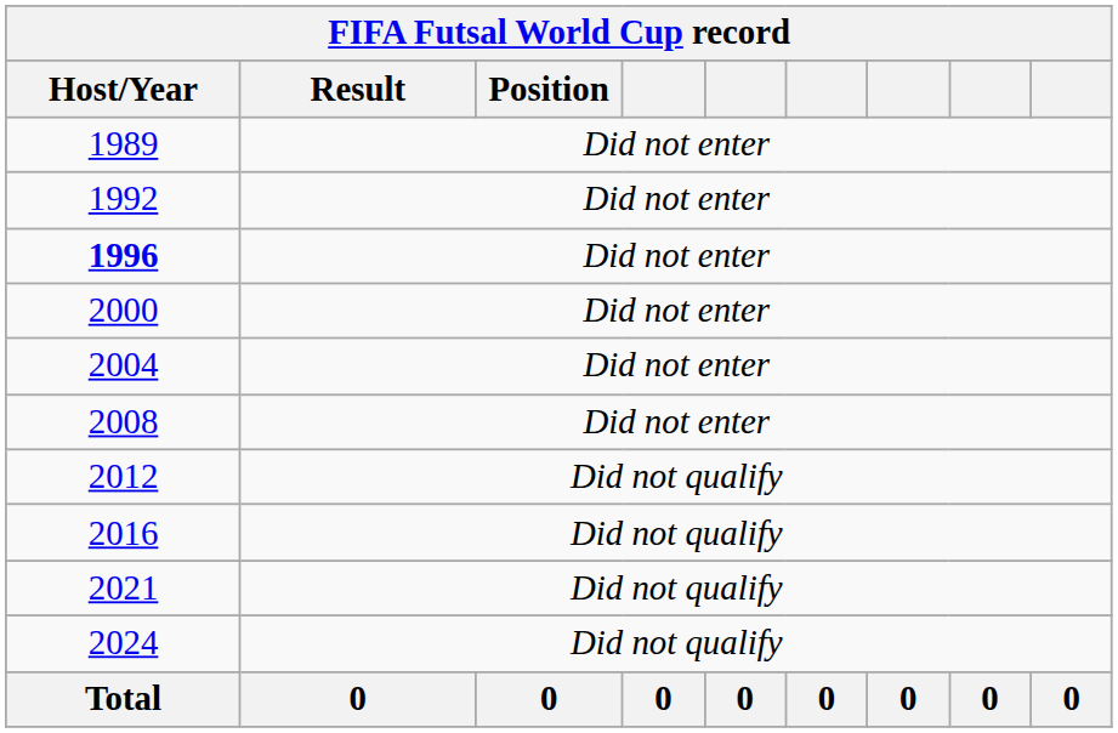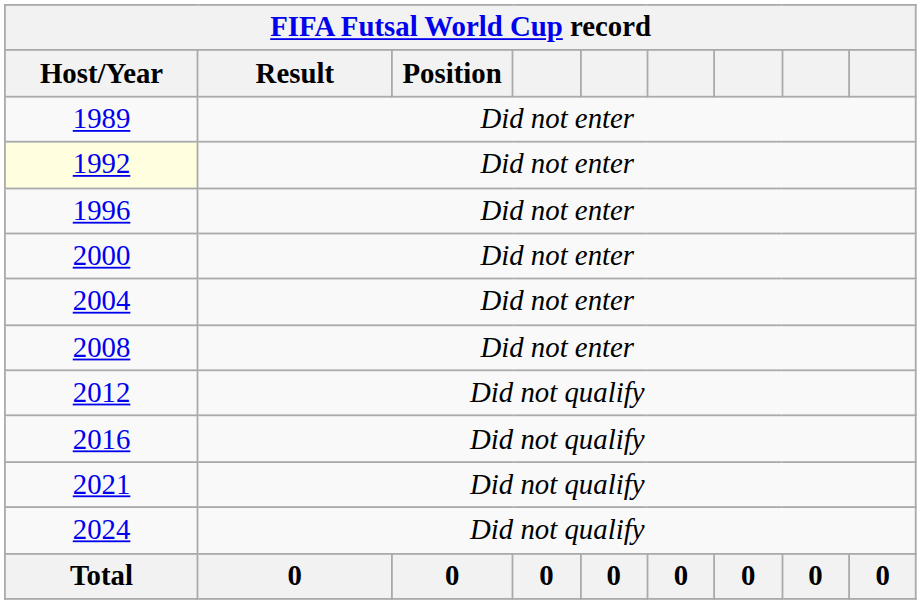 <table class="wikitable" style="text-align: center;">
 <tr>
 <th colspan=9 style="background:color: #0000FF;"><a href='#'>FIFA Futsal World Cup</a> record</th>
 </tr>
 <tr>
 <th style="width:100px;">Host/Year</th>
 <th style="width:100px;">Result</th>
 <th style="width:60px;">Position</th>
 <th style="width:30px;"></th>
 <th style="width:30px;"></th>
 <th style="width:30px;"></th>
 <th style="width:30px;"></th>
 <th style="width:30px;"></th>
 <th style="width:30px;"></th>
 </tr>
 <tr>
 <td> <a href='#'>1989</a></td>
 <td colspan=8><em>Did not enter</em></td>
 </tr>
 <tr>
-<td> <a href='#'>1992</a></td>
+<td style="background: lightyellow;"> <a href='#'>1992</a></td>
 <td colspan=8><em>Did not enter</em></td>
 </tr>
 <tr>
-<td><strong> <a href='#'>1996</a></strong></td>
+<td> <a href='#'>1996</a></td>
 <td colspan=8><em>Did not enter</em></td>
 </tr>
 <tr>
 <td> <a href='#'>2000</a></td>
 <td colspan=8><em>Did not enter</em></td>
 </tr>
 <tr>
 <td>  <a href='#'>2004</a></td>
 <td colspan=8><em>Did not enter</em></td>
 </tr>
 <tr>
 <td> <a href='#'>2008</a></td>
 <td colspan=8><em>Did not enter</em></td>
 </tr>
 <tr>
 <td> <a href='#'>2012</a></td>
 <td colspan=8><em>Did not qualify</em></td>
 </tr>
 <tr>
 <td> <a href='#'>2016</a></td>
 <td colspan=8><em>Did not qualify</em></td>
 </tr>
 <tr>
 <td> <a href='#'>2021</a></td>
 <td colspan=8><em>Did not qualify</em></td>
 </tr>
 <tr>
 <td> <a href='#'>2024</a></td>
 <td colspan=8><em>Did not qualify</em></td>
 </tr>
 <tr>
 <th><strong>Total</strong></th>
 <th><strong>0</strong></th>
 <th><strong>0</strong></th>
 <th><strong>0</strong></th>
 <th><strong>0</strong></th>
 <th><strong>0</strong></th>
 <th><strong>0</strong></th>
 <th><strong>0</strong></th>
 <th><strong>0</strong></th>
 </tr>
 </table>
